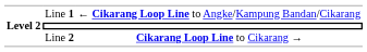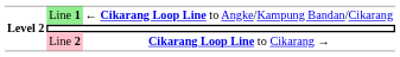 <table cellspacing="0" cellpadding="3">
 <tr>
 <td colspan="3"> </td>
 </tr>
 <tr>
 <td rowspan="6" style="border-top:solid 1px gray; border-bottom:solid 1px gray"><strong>Level 2</strong></td>
-<td style="border-top:solid 1px gray">Line <strong>1</strong></td>
+<td style="background: lightgreen; border-top:solid 1px gray">Line <strong>1</strong></td>
 <td style="text-align:center;border-top:solid 1px gray">←    <strong><a href='#'>Cikarang Loop Line</a></strong> to <a href='#'>Angke</a>/<a href='#'>Kampung Bandan</a>/<a href='#'>Cikarang</a></td>
 </tr>
 <tr>
 <td colspan="2" style="text-align:center; border:solid 2px black; "></td>
 </tr>
 <tr>
-<td style="border-bottom:solid 1px gray">Line <strong>2</strong></td>
+<td style="background: pink; border-bottom:solid 1px gray">Line <strong>2</strong></td>
 <td style="text-align:center ; border-bottom:solid 1px gray"> <a href='#'><strong>Cikarang Loop Line</strong></a> to <a href='#'>Cikarang</a>  →</td>
 </tr>
 </table>
